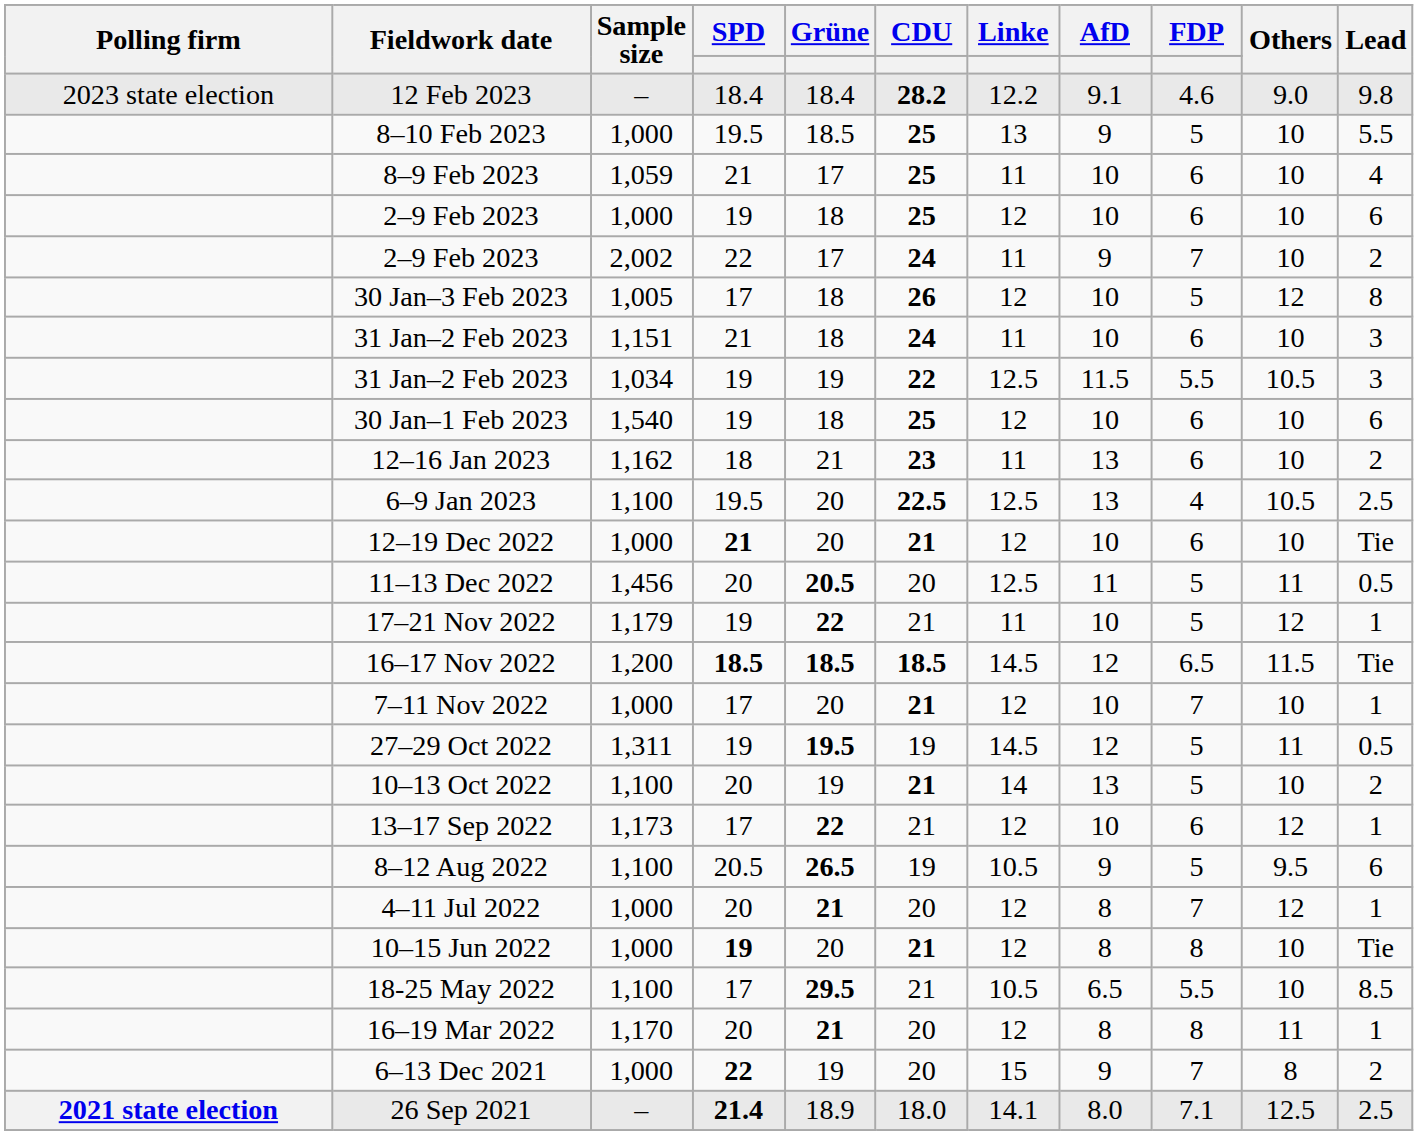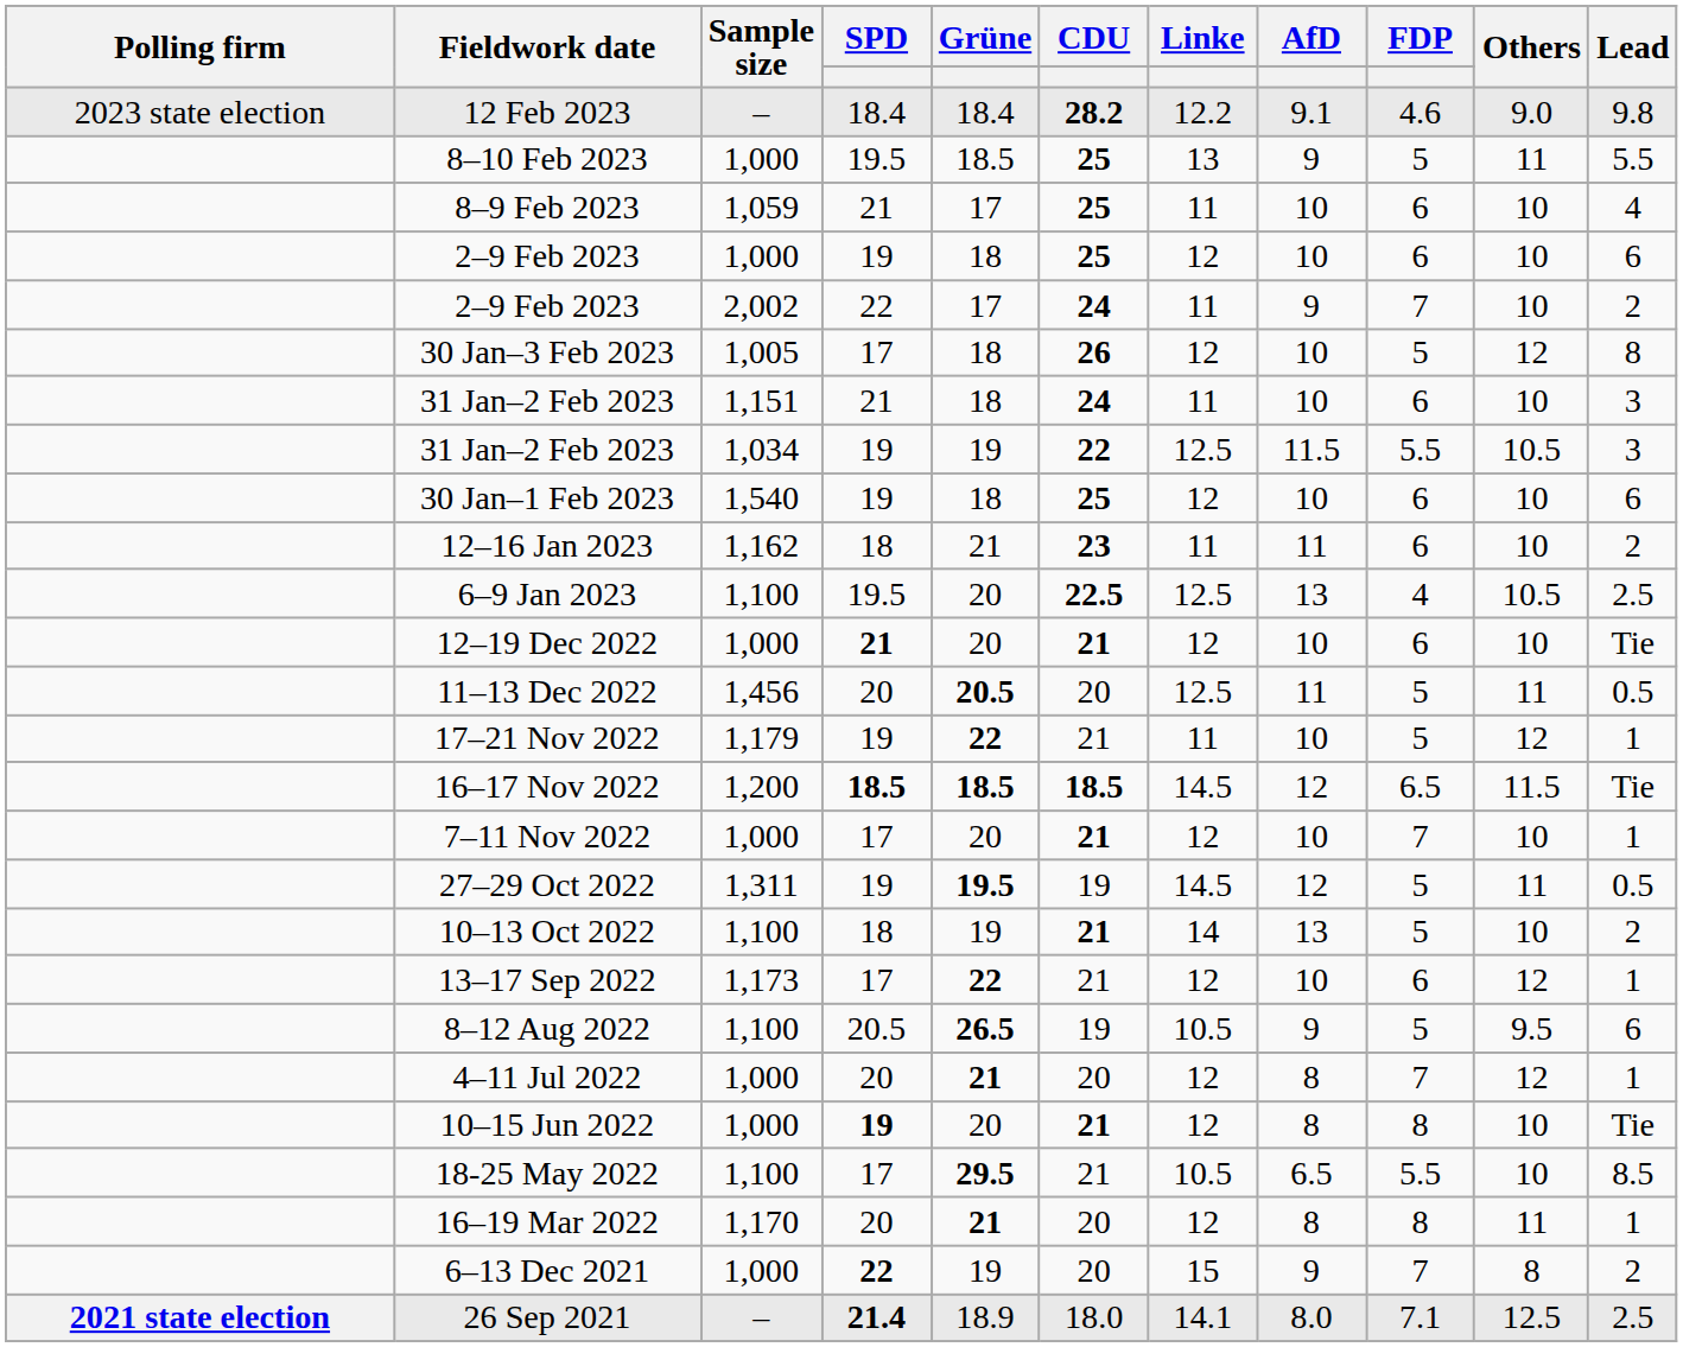 <table class="wikitable sortable" style="text-align:center;font-size:90%;line-height:14px;">
 <tr>
 <th rowspan="2" style="width:160px;">Polling firm</th>
 <th rowspan="2" style="width:125px;">Fieldwork date</th>
 <th rowspan="2" style="width:35px;">Sample<br>size</th>
 <th class="unsortable" style="width:40px;"><a href='#'>SPD</a></th>
 <th class="unsortable" style="width:40px;"><a href='#'>Grüne</a></th>
 <th class="unsortable" style="width:40px;"><a href='#'>CDU</a></th>
 <th class="unsortable" style="width:40px;"><a href='#'>Linke</a></th>
 <th class="unsortable" style="width:40px;"><a href='#'>AfD</a></th>
 <th class="unsortable" style="width:40px;"><a href='#'>FDP</a></th>
 <th rowspan="2" class="unsortable" style="width:40px;">Others</th>
 <th rowspan="2" style="width:30px;">Lead</th>
 </tr>
 <tr>
 <th style="background:"></th>
 <th style="background:"></th>
 <th style="background:"></th>
 <th style="background:"></th>
 <th style="background:"></th>
 <th style="background:"></th>
 </tr>
 <tr style="background:#E9E9E9;">
 <td>2023 state election</td>
 <td>12 Feb 2023</td>
 <td>–</td>
 <td>18.4</td>
 <td>18.4</td>
 <td><strong>28.2</strong></td>
 <td>12.2</td>
 <td>9.1</td>
 <td>4.6</td>
 <td>9.0</td>
 <td style="background:">9.8</td>
 </tr>
 <tr>
 <td></td>
 <td>8–10 Feb 2023</td>
 <td>1,000</td>
 <td>19.5</td>
 <td>18.5</td>
 <td><strong>25</strong></td>
 <td>13</td>
 <td>9</td>
 <td>5</td>
-<td>10</td>
+<td>11</td>
 <td style="background:">5.5</td>
 </tr>
 <tr>
 <td></td>
 <td data-sort-value="2023-02-09">8–9 Feb 2023</td>
 <td>1,059</td>
 <td>21</td>
 <td>17</td>
 <td><strong>25</strong></td>
 <td>11</td>
 <td>10</td>
 <td>6</td>
 <td>10</td>
 <td style="background:">4</td>
 </tr>
 <tr>
 <td></td>
 <td data-sort-value="2023-02-09">2–9 Feb 2023</td>
 <td>1,000</td>
 <td>19</td>
 <td>18</td>
 <td><strong>25</strong></td>
 <td>12</td>
 <td>10</td>
 <td>6</td>
 <td>10</td>
 <td style="background:">6</td>
 </tr>
 <tr>
 <td></td>
 <td>2–9 Feb 2023</td>
 <td>2,002</td>
 <td>22</td>
 <td>17</td>
 <td><strong>24</strong></td>
 <td>11</td>
 <td>9</td>
 <td>7</td>
 <td>10</td>
 <td style="background:">2</td>
 </tr>
 <tr>
 <td></td>
 <td data-sort-value="2023-02-03">30 Jan–3 Feb 2023</td>
 <td>1,005</td>
 <td>17</td>
 <td>18</td>
 <td><strong>26</strong></td>
 <td>12</td>
 <td>10</td>
 <td>5</td>
 <td>12</td>
 <td style="background:">8</td>
 </tr>
 <tr>
 <td></td>
 <td data-sort-value="2023-02-02">31 Jan–2 Feb 2023</td>
 <td>1,151</td>
 <td>21</td>
 <td>18</td>
 <td><strong>24</strong></td>
 <td>11</td>
 <td>10</td>
 <td>6</td>
 <td>10</td>
 <td style="background:">3</td>
 </tr>
 <tr>
 <td></td>
 <td data-sort-value="2023-02-02">31 Jan–2 Feb 2023</td>
 <td>1,034</td>
 <td>19</td>
 <td>19</td>
 <td><strong>22</strong></td>
 <td>12.5</td>
 <td>11.5</td>
 <td>5.5</td>
 <td>10.5</td>
 <td style="background:">3</td>
 </tr>
 <tr>
 <td></td>
 <td data-sort-value="2023-02-02">30 Jan–1 Feb 2023</td>
 <td>1,540</td>
 <td>19</td>
 <td>18</td>
 <td><strong>25</strong></td>
 <td>12</td>
 <td>10</td>
 <td>6</td>
 <td>10</td>
 <td style="background:">6</td>
 </tr>
 <tr>
 <td></td>
 <td data-sort-value="2023-01-16">12–16 Jan 2023</td>
 <td>1,162</td>
 <td>18</td>
 <td>21</td>
 <td><strong>23</strong></td>
 <td>11</td>
-<td>13</td>
+<td>11</td>
 <td>6</td>
 <td>10</td>
 <td style="background:">2</td>
 </tr>
 <tr>
 <td></td>
 <td data-sort-value="2023-01-09">6–9 Jan 2023</td>
 <td>1,100</td>
 <td>19.5</td>
 <td>20</td>
 <td><strong>22.5</strong></td>
 <td>12.5</td>
 <td>13</td>
 <td>4</td>
 <td>10.5</td>
 <td style="background:">2.5</td>
 </tr>
 <tr>
 <td></td>
 <td data-sort-value="2022-12-19">12–19 Dec 2022</td>
 <td>1,000</td>
 <td><strong>21</strong></td>
 <td>20</td>
 <td><strong>21</strong></td>
 <td>12</td>
 <td>10</td>
 <td>6</td>
 <td>10</td>
 <td>Tie</td>
 </tr>
 <tr>
 <td></td>
 <td data-sort-value="2022-12-13">11–13 Dec 2022</td>
 <td>1,456</td>
 <td>20</td>
 <td><strong>20.5</strong></td>
 <td>20</td>
 <td>12.5</td>
 <td>11</td>
 <td>5</td>
 <td>11</td>
 <td style="background:">0.5</td>
 </tr>
 <tr>
 <td></td>
 <td data-sort-value="2022-21-11">17–21 Nov 2022</td>
 <td>1,179</td>
 <td>19</td>
 <td><strong>22</strong></td>
 <td>21</td>
 <td>11</td>
 <td>10</td>
 <td>5</td>
 <td>12</td>
 <td style="background:">1</td>
 </tr>
 <tr>
 <td></td>
 <td data-sort-value="2022-11-17">16–17 Nov 2022</td>
 <td>1,200</td>
 <td><strong>18.5</strong></td>
 <td><strong>18.5</strong></td>
 <td><strong>18.5</strong></td>
 <td>14.5</td>
 <td>12</td>
 <td>6.5</td>
 <td>11.5</td>
 <td>Tie</td>
 </tr>
 <tr>
 <td></td>
 <td data-sort-value="2022-11-11">7–11 Nov 2022</td>
 <td>1,000</td>
 <td>17</td>
 <td>20</td>
 <td><strong>21</strong></td>
 <td>12</td>
 <td>10</td>
 <td>7</td>
 <td>10</td>
 <td style="background:">1</td>
 </tr>
 <tr>
 <td></td>
 <td data-sort-value="2022-10-29">27–29 Oct 2022</td>
 <td>1,311</td>
 <td>19</td>
 <td><strong>19.5</strong></td>
 <td>19</td>
 <td>14.5</td>
 <td>12</td>
 <td>5</td>
 <td>11</td>
 <td style="background:">0.5</td>
 </tr>
 <tr>
 <td></td>
 <td data-sort-value="2022-10-13">10–13 Oct 2022</td>
 <td>1,100</td>
-<td>20</td>
+<td>18</td>
 <td>19</td>
 <td><strong>21</strong></td>
 <td>14</td>
 <td>13</td>
 <td>5</td>
 <td>10</td>
 <td style="background:">2</td>
 </tr>
 <tr>
 <td></td>
 <td data-sort-value="2022-09-17">13–17 Sep 2022</td>
 <td>1,173</td>
 <td>17</td>
 <td><strong>22</strong></td>
 <td>21</td>
 <td>12</td>
 <td>10</td>
 <td>6</td>
 <td>12</td>
 <td style="background:">1</td>
 </tr>
 <tr>
 <td></td>
 <td data-sort-value="2022-08-12">8–12 Aug 2022</td>
 <td>1,100</td>
 <td>20.5</td>
 <td><strong>26.5</strong></td>
 <td>19</td>
 <td>10.5</td>
 <td>9</td>
 <td>5</td>
 <td>9.5</td>
 <td style="background:">6</td>
 </tr>
 <tr>
 <td></td>
 <td data-sort-value="2022-07-11">4–11 Jul 2022</td>
 <td>1,000</td>
 <td>20</td>
 <td><strong>21</strong></td>
 <td>20</td>
 <td>12</td>
 <td>8</td>
 <td>7</td>
 <td>12</td>
 <td style="background:">1</td>
 </tr>
 <tr>
 <td></td>
 <td data-sort-value="2022-06-15">10–15 Jun 2022</td>
 <td>1,000</td>
 <td><strong>19</strong></td>
 <td>20</td>
 <td><strong>21</strong></td>
 <td>12</td>
 <td>8</td>
 <td>8</td>
 <td>10</td>
 <td>Tie</td>
 </tr>
 <tr>
 <td></td>
 <td>18-25 May 2022</td>
 <td>1,100</td>
 <td>17</td>
 <td><strong>29.5</strong></td>
 <td>21</td>
 <td>10.5</td>
 <td>6.5</td>
 <td>5.5</td>
 <td>10</td>
 <td style="background:">8.5</td>
 </tr>
 <tr>
 <td></td>
 <td data-sort-value="2022-03-19">16–19 Mar 2022</td>
 <td>1,170</td>
 <td>20</td>
 <td><strong>21</strong></td>
 <td>20</td>
 <td>12</td>
 <td>8</td>
 <td>8</td>
 <td>11</td>
 <td style="background:">1</td>
 </tr>
 <tr>
 <td></td>
 <td data-sort-value="2021-12-13">6–13 Dec 2021</td>
 <td>1,000</td>
 <td><strong>22</strong></td>
 <td>19</td>
 <td>20</td>
 <td>15</td>
 <td>9</td>
 <td>7</td>
 <td>8</td>
 <td style="background:">2</td>
 </tr>
 <tr style="background:#E9E9E9;">
 <th><a href='#'>2021 state election</a></th>
 <td>26 Sep 2021</td>
 <td>–</td>
 <td><strong>21.4</strong></td>
 <td>18.9</td>
 <td>18.0</td>
 <td>14.1</td>
 <td>8.0</td>
 <td>7.1</td>
 <td>12.5</td>
 <td style="background:">2.5</td>
 </tr>
 </table>
